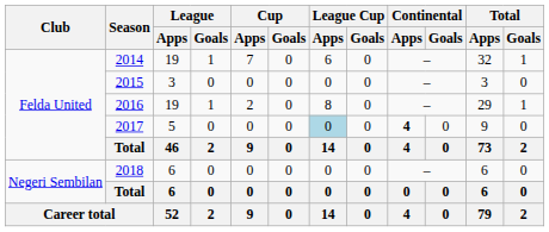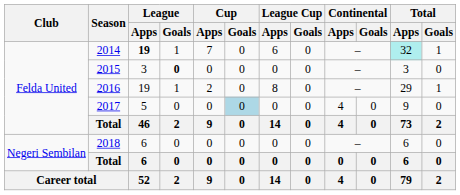 <table class="wikitable" style="text-align: center;">
 <tr>
 <th rowspan="2">Club</th>
 <th rowspan="2">Season</th>
 <th colspan="2">League</th>
 <th colspan="2">Cup</th>
 <th colspan="2">League Cup</th>
 <th colspan="2">Continental</th>
 <th colspan="2">Total</th>
 </tr>
 <tr>
 <th>Apps</th>
 <th>Goals</th>
 <th>Apps</th>
 <th>Goals</th>
 <th>Apps</th>
 <th>Goals</th>
 <th>Apps</th>
 <th>Goals</th>
 <th>Apps</th>
 <th>Goals</th>
 </tr>
 <tr>
 <td rowspan="5" valign="center"><a href='#'>Felda United</a></td>
 <td><a href='#'>2014</a></td>
-<td>19</td>
+<td><strong>19</strong></td>
 <td>1</td>
 <td>7</td>
 <td>0</td>
 <td>6</td>
 <td>0</td>
 <td colspan="2">–</td>
-<td>32</td>
+<td style="background: paleturquoise;">32</td>
 <td>1</td>
 </tr>
 <tr>
 <td><a href='#'>2015</a></td>
 <td>3</td>
-<td>0</td>
+<td><strong>0</strong></td>
 <td>0</td>
 <td>0</td>
 <td>0</td>
 <td>0</td>
 <td colspan="2">–</td>
 <td>3</td>
 <td>0</td>
 </tr>
 <tr>
 <td><a href='#'>2016</a></td>
 <td>19</td>
 <td>1</td>
 <td>2</td>
 <td>0</td>
 <td>8</td>
 <td>0</td>
 <td colspan="2">–</td>
 <td>29</td>
 <td>1</td>
 </tr>
 <tr>
 <td><a href='#'>2017</a></td>
 <td>5</td>
 <td>0</td>
 <td>0</td>
-<td>0</td>
 <td style="background: lightblue;">0</td>
 <td>0</td>
-<td><strong>4</strong></td>
+<td>0</td>
+<td>4</td>
 <td>0</td>
 <td>9</td>
 <td>0</td>
 </tr>
 <tr>
 <th colspan=1>Total</th>
 <th>46</th>
 <th>2</th>
 <th>9</th>
 <th>0</th>
 <th>14</th>
 <th>0</th>
 <th>4</th>
 <th>0</th>
 <th>73</th>
 <th>2</th>
 </tr>
 <tr>
 <td rowspan="2" valign="center"><a href='#'>Negeri Sembilan</a></td>
 <td><a href='#'>2018</a></td>
 <td>6</td>
 <td>0</td>
 <td>0</td>
 <td>0</td>
 <td>0</td>
 <td>0</td>
 <td colspan="2">–</td>
 <td>6</td>
 <td>0</td>
 </tr>
 <tr>
 <th colspan=1>Total</th>
 <th>6</th>
 <th>0</th>
 <th>0</th>
 <th>0</th>
 <th>0</th>
 <th>0</th>
 <th>0</th>
 <th>0</th>
 <th>6</th>
 <th>0</th>
 </tr>
 <tr>
 <th colspan=2>Career total</th>
 <th>52</th>
 <th>2</th>
 <th>9</th>
 <th>0</th>
 <th>14</th>
 <th>0</th>
 <th>4</th>
 <th>0</th>
 <th>79</th>
 <th>2</th>
 </tr>
 </table>
